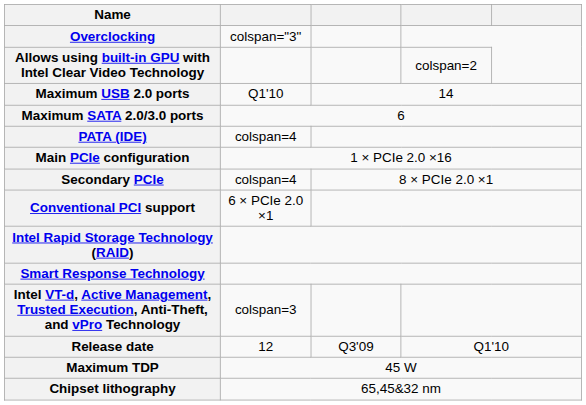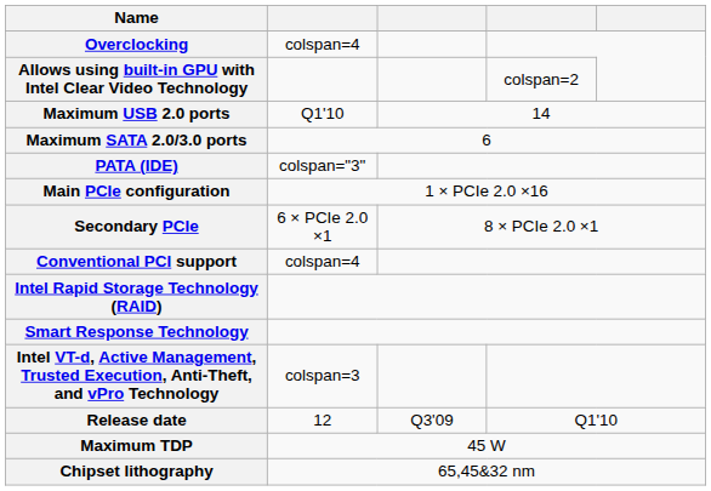 <table class="wikitable" style="text-align: center">
 <tr>
 <th style="width:250px;">Name</th>
 <th style="width:100px;"><strong></strong></th>
 <th style="width:100px;"><strong></strong></th>
 <th style="width:100px;"></th>
 <th style="width:100px;"></th>
 </tr>
 <tr>
 <th><a href='#'>Overclocking</a></th>
-<td>colspan="3" </td>
+<td>colspan=4 </td>
 <td></td>
 </tr>
 <tr>
 <th>Allows using <a href='#'>built-in GPU</a> with Intel Clear Video Technology</th>
 <td></td>
 <td></td>
 <td>colspan=2 </td>
 </tr>
 <tr>
 <th>Maximum <a href='#'>USB</a> 2.0 ports</th>
 <td>Q1'10</td>
 <td colspan="3">14</td>
 </tr>
 <tr>
 <th>Maximum <a href='#'>SATA</a> 2.0/3.0 ports</th>
 <td colspan="4">6</td>
 </tr>
 <tr>
 <th><a href='#'>PATA (IDE)</a></th>
-<td>colspan=4 </td>
+<td>colspan="3" </td>
 </tr>
 <tr>
 <th>Main <a href='#'>PCIe</a> configuration</th>
 <td colspan=4>1 × PCIe 2.0 ×16</td>
 </tr>
 <tr>
 <th>Secondary <a href='#'>PCIe</a></th>
-<td>colspan=4 </td>
+<td>6 × PCIe 2.0 ×1</td>
 <td colspan="3">8 × PCIe 2.0 ×1</td>
 </tr>
 <tr>
 <th><a href='#'>Conventional PCI</a> support</th>
-<td>6 × PCIe 2.0 ×1</td>
+<td>colspan=4 </td>
 </tr>
 <tr>
 <th><a href='#'>Intel Rapid Storage Technology</a> (<a href='#'>RAID</a>)</th>
 <td colspan=4></td>
 </tr>
 <tr>
 <th><a href='#'>Smart Response Technology</a></th>
 <td colspan=4></td>
 </tr>
 <tr>
 <th>Intel <a href='#'>VT-d</a>, <a href='#'>Active Management</a>, <a href='#'>Trusted Execution</a>, Anti-Theft, and <a href='#'>vPro</a> Technology</th>
 <td>colspan=3 </td>
 <td></td>
 </tr>
 <tr>
 <th>Release date</th>
 <td>12</td>
 <td>Q3'09</td>
 <td colspan=2>Q1'10</td>
 </tr>
 <tr>
 <th>Maximum TDP</th>
 <td colspan=4>45 W</td>
 </tr>
 <tr>
 <th>Chipset lithography</th>
 <td colspan=4>65,45&32 nm</td>
 </tr>
 </table>
